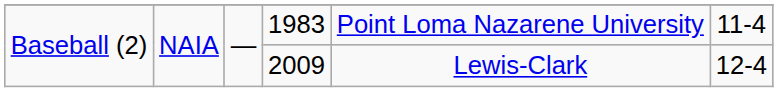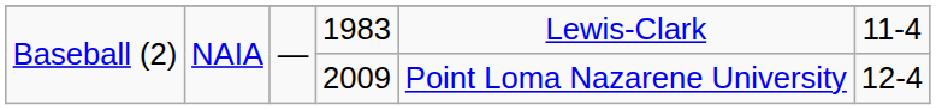 <table class="wikitable">
 <tr align="center">
 </tr>
 <tr align="center">
 <td rowspan="2"><a href='#'>Baseball</a> (2)</td>
 <td rowspan="2"><a href='#'>NAIA</a></td>
 <td rowspan="2">—</td>
 <td>1983</td>
-<td rowspan=1><a href='#'>Point Loma Nazarene University</a></td>
+<td rowspan=1><a href='#'>Lewis-Clark</a></td>
 <td>11-4</td>
 </tr>
 <tr align="center">
 <td>2009</td>
-<td rowspan=1><a href='#'>Lewis-Clark</a></td>
+<td rowspan=1><a href='#'>Point Loma Nazarene University</a></td>
 <td>12-4</td>
 </tr>
 </table>
